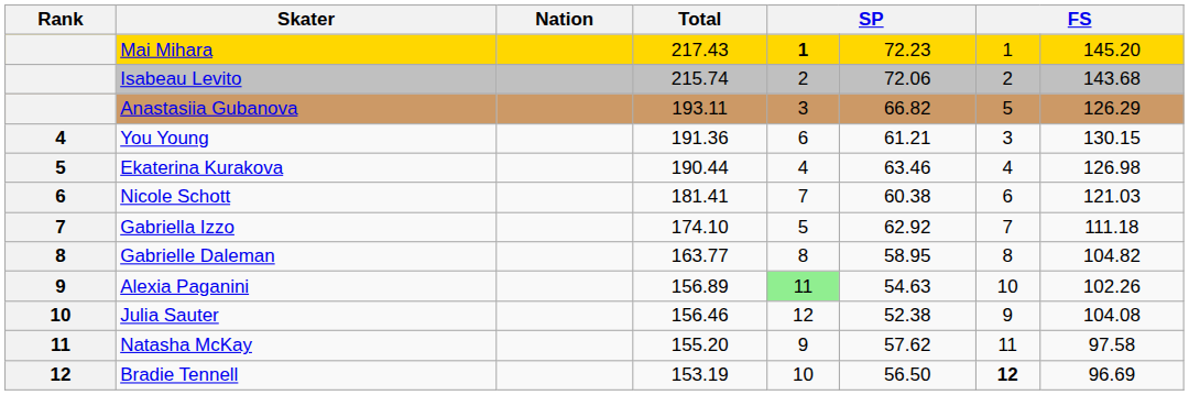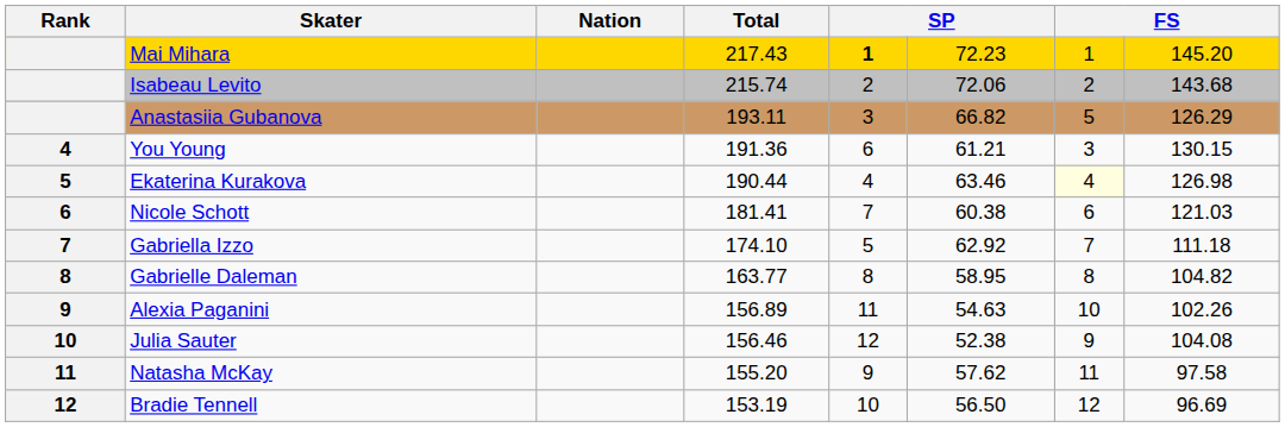 <table class="wikitable sortable" style="text-align:left; width:80%">
 <tr>
 <th scope="col">Rank</th>
 <th scope="col">Skater</th>
 <th scope="col">Nation</th>
 <th scope="col">Total</th>
 <th scope="col" colspan="2" width="80px"><a href='#'>SP</a></th>
 <th scope="col" colspan="2" width="80px"><a href='#'>FS</a></th>
 </tr>
 <tr bgcolor="gold">
 <th scope="row"></th>
 <td><a href='#'>Mai Mihara</a></td>
 <td></td>
 <td align="center">217.43</td>
 <td align="center"><strong>1</strong></td>
 <td align="center">72.23</td>
 <td align="center">1</td>
 <td align="center">145.20</td>
 </tr>
 <tr bgcolor="silver">
 <th scope="row"></th>
 <td><a href='#'>Isabeau Levito</a></td>
 <td></td>
 <td align="center">215.74</td>
 <td align="center">2</td>
 <td align="center">72.06</td>
 <td align="center">2</td>
 <td align="center">143.68</td>
 </tr>
 <tr bgcolor="cc9966">
 <th scope="row"></th>
 <td><a href='#'>Anastasiia Gubanova</a></td>
 <td></td>
 <td align="center">193.11</td>
 <td align="center">3</td>
 <td align="center">66.82</td>
 <td align="center">5</td>
 <td align="center">126.29</td>
 </tr>
 <tr>
 <th scope="row">4</th>
 <td><a href='#'>You Young</a></td>
 <td></td>
 <td align="center">191.36</td>
 <td align="center">6</td>
 <td align="center">61.21</td>
 <td align="center">3</td>
 <td align="center">130.15</td>
 </tr>
 <tr>
 <th scope="row">5</th>
 <td><a href='#'>Ekaterina Kurakova</a></td>
 <td></td>
 <td align="center">190.44</td>
 <td align="center">4</td>
 <td align="center">63.46</td>
-<td align="center">4</td>
+<td align="center" style="background: lightyellow;">4</td>
 <td align="center">126.98</td>
 </tr>
 <tr>
 <th scope="row">6</th>
 <td><a href='#'>Nicole Schott</a></td>
 <td></td>
 <td align="center">181.41</td>
 <td align="center">7</td>
 <td align="center">60.38</td>
 <td align="center">6</td>
 <td align="center">121.03</td>
 </tr>
 <tr>
 <th scope="row">7</th>
 <td><a href='#'>Gabriella Izzo</a></td>
 <td></td>
 <td align="center">174.10</td>
 <td align="center">5</td>
 <td align="center">62.92</td>
 <td align="center">7</td>
 <td align="center">111.18</td>
 </tr>
 <tr>
 <th scope="row">8</th>
 <td><a href='#'>Gabrielle Daleman</a></td>
 <td></td>
 <td align="center">163.77</td>
 <td align="center">8</td>
 <td align="center">58.95</td>
 <td align="center">8</td>
 <td align="center">104.82</td>
 </tr>
 <tr>
 <th scope="row">9</th>
 <td><a href='#'>Alexia Paganini</a></td>
 <td></td>
 <td align="center">156.89</td>
-<td align="center" style="background: lightgreen;">11</td>
+<td align="center">11</td>
 <td align="center">54.63</td>
 <td align="center">10</td>
 <td align="center">102.26</td>
 </tr>
 <tr>
 <th scope="row">10</th>
 <td><a href='#'>Julia Sauter</a></td>
 <td></td>
 <td align="center">156.46</td>
 <td align="center">12</td>
 <td align="center">52.38</td>
 <td align="center">9</td>
 <td align="center">104.08</td>
 </tr>
 <tr>
 <th scope="row">11</th>
 <td><a href='#'>Natasha McKay</a></td>
 <td></td>
 <td align="center">155.20</td>
 <td align="center">9</td>
 <td align="center">57.62</td>
 <td align="center">11</td>
 <td align="center">97.58</td>
 </tr>
 <tr>
 <th scope="row">12</th>
 <td><a href='#'>Bradie Tennell</a></td>
 <td></td>
 <td align="center">153.19</td>
 <td align="center">10</td>
 <td align="center">56.50</td>
-<td align="center"><strong>12</strong></td>
+<td align="center">12</td>
 <td align="center">96.69</td>
 </tr>
 </table>
